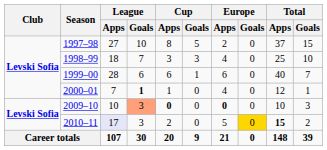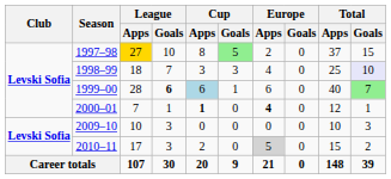 <table class="wikitable" style="text-align: center;">
 <tr>
 <th rowspan=2>Club</th>
 <th rowspan=2>Season</th>
 <th colspan=2>League</th>
 <th colspan=2>Cup</th>
 <th colspan=2>Europe</th>
 <th colspan=2>Total</th>
 </tr>
 <tr>
 <th>Apps</th>
 <th>Goals</th>
 <th>Apps</th>
 <th>Goals</th>
 <th>Apps</th>
 <th>Goals</th>
 <th>Apps</th>
 <th>Goals</th>
 </tr>
 <tr>
 <td rowspan=4 valign="center"><strong><a href='#'>Levski Sofia</a></strong></td>
 <td><a href='#'>1997–98</a></td>
-<td>27</td>
+<td style="background: gold;">27</td>
 <td>10</td>
 <td>8</td>
-<td>5</td>
+<td style="background: lightgreen;">5</td>
 <td>2</td>
 <td>0</td>
 <td>37</td>
 <td>15</td>
 </tr>
 <tr>
 <td><a href='#'>1998–99</a></td>
 <td>18</td>
 <td>7</td>
 <td>3</td>
 <td>3</td>
 <td>4</td>
 <td>0</td>
 <td>25</td>
-<td>10</td>
+<td style="background: lavender;">10</td>
 </tr>
 <tr>
 <td><a href='#'>1999–00</a></td>
 <td>28</td>
-<td>6</td>
-<td>6</td>
+<td><strong>6</strong></td>
+<td style="background: lightblue;">6</td>
 <td>1</td>
 <td>6</td>
 <td>0</td>
 <td>40</td>
-<td>7</td>
+<td style="background: lightgreen;">7</td>
 </tr>
 <tr>
 <td><a href='#'>2000–01</a></td>
 <td>7</td>
+<td>1</td>
 <td><strong>1</strong></td>
-<td>1</td>
 <td>0</td>
-<td>4</td>
+<td><strong>4</strong></td>
 <td>0</td>
 <td>12</td>
 <td>1</td>
 </tr>
 <tr>
 <td rowspan=2 valign="center"><strong><a href='#'>Levski Sofia</a></strong></td>
 <td><a href='#'>2009–10</a></td>
 <td>10</td>
-<td style="background: lightsalmon;">3</td>
-<td><strong>0</strong></td>
+<td>3</td>
 <td>0</td>
-<td><strong>0</strong></td>
+<td>0</td>
+<td>0</td>
 <td>0</td>
 <td>10</td>
 <td>3</td>
 </tr>
 <tr>
 <td><a href='#'>2010–11</a></td>
-<td style="background: lavender;">17</td>
+<td>17</td>
 <td>3</td>
 <td>2</td>
 <td>0</td>
-<td>5</td>
-<td style="background: gold;">0</td>
-<td><strong>15</strong></td>
+<td style="background: lightgrey;">5</td>
+<td>0</td>
+<td>15</td>
 <td>2</td>
 </tr>
 <tr>
 <th colspan=2>Career totals</th>
 <td><strong>107</strong></td>
 <td><strong>30</strong></td>
 <td><strong>20</strong></td>
 <td><strong>9</strong></td>
 <td><strong>21</strong></td>
 <td><strong>0</strong></td>
 <td><strong>148</strong></td>
 <td><strong>39</strong></td>
 </tr>
 </table>
